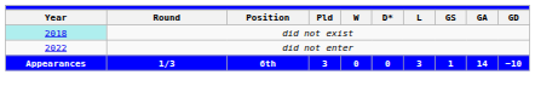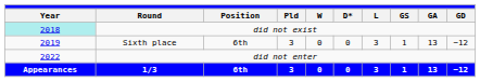 <table class="wikitable" style="text-align: center;font-size:90%;">
 <tr>
 <th colspan="10" style="background: blue; color: #FFFFFF;"><a href='#'></a></th>
 </tr>
 <tr>
 <th width=125>Year</th>
 <th width=150>Round</th>
 <th width=100>Position</th>
 <th width=35>Pld</th>
 <th width=35>W</th>
 <th width=35>D*</th>
 <th width=35>L</th>
 <th width=35>GS</th>
 <th width=35>GA</th>
 <th width=35>GD</th>
 </tr>
 <tr>
 <td style="background: paleturquoise;"> <a href='#'>2018</a></td>
 <td colspan=9><em>did not exist</em></td>
 </tr>
 <tr>
+<td> <a href='#'>2019</a></td>
+<td>Sixth place</td>
+<td>6th</td>
+<td>3</td>
+<td>0</td>
+<td>0</td>
+<td>3</td>
+<td>1</td>
+<td>13</td>
+<td>−12</td>
+</tr>
+<tr>
 <td> <a href='#'>2022</a></td>
 <td colspan=9><em>did not enter</em></td>
 </tr>
 <tr>
 <td colspan=1 style="background: blue; color: #FFFFFF;"><strong>Appearances</strong></td>
 <td style="background: blue; color: #FFFFFF;"><strong>1/3</strong></td>
 <td style="background: blue; color: #FFFFFF;"><strong>6th</strong></td>
 <td style="background: blue; color: #FFFFFF;"><strong>3</strong></td>
 <td style="background: blue; color: #FFFFFF;"><strong>0</strong></td>
 <td style="background: blue; color: #FFFFFF;"><strong>0</strong></td>
 <td style="background: blue; color: #FFFFFF;"><strong>3</strong></td>
 <td style="background: blue; color: #FFFFFF;"><strong>1</strong></td>
-<td style="background: blue; color: #FFFFFF;"><strong>14</strong></td>
-<td style="background: blue; color: #FFFFFF;"><strong>−10</strong></td>
+<td style="background: blue; color: #FFFFFF;"><strong>13</strong></td>
+<td style="background: blue; color: #FFFFFF;"><strong>−12</strong></td>
 </tr>
 </table>
